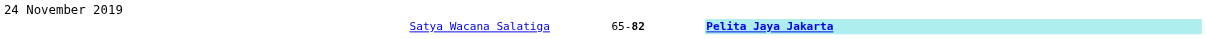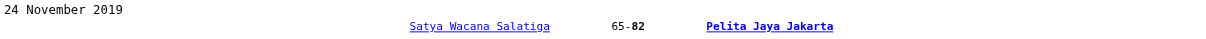 <table cellspacing="1" style="width:100%;">
 <tr>
 <td>24 November 2019</td>
 </tr>
 <tr style="font-size:90%">
 <td align="right"><a href='#'>Satya Wacana Salatiga</a></td>
 <td></td>
 <td align="center">65-<strong>82</strong></td>
 <td></td>
-<td style="background: paleturquoise;"><strong><a href='#'>Pelita Jaya Jakarta</a></strong></td>
+<td><strong><a href='#'>Pelita Jaya Jakarta</a></strong></td>
 </tr>
 </table>
